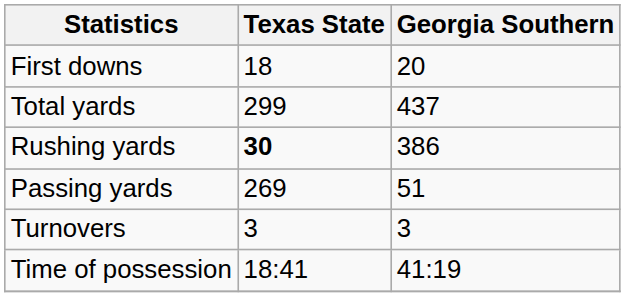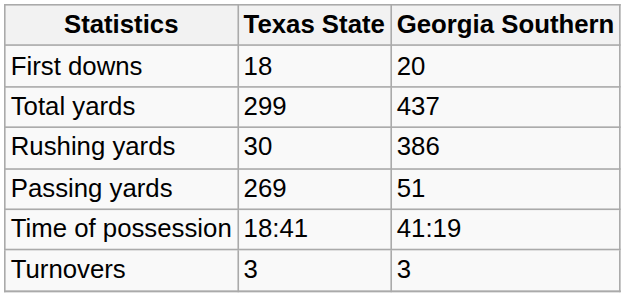 <table class="wikitable">
 <tr>
 <th>Statistics</th>
 <th>Texas State</th>
 <th>Georgia Southern</th>
 </tr>
 <tr>
 <td>First downs</td>
 <td>18</td>
 <td>20</td>
 </tr>
 <tr>
 <td>Total yards</td>
 <td>299</td>
 <td>437</td>
 </tr>
 <tr>
 <td>Rushing yards</td>
-<td><strong>30</strong></td>
+<td>30</td>
 <td>386</td>
 </tr>
 <tr>
 <td>Passing yards</td>
 <td>269</td>
 <td>51</td>
 </tr>
 <tr>
+<td>Time of possession</td>
+<td>18:41</td>
+<td>41:19</td>
+</tr>
+<tr>
 <td>Turnovers</td>
 <td>3</td>
 <td>3</td>
 </tr>
 <tr>
-<td>Time of possession</td>
-<td>18:41</td>
-<td>41:19</td>
-</tr>
-<tr>
 </tr>
 </table>
